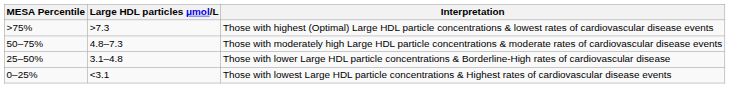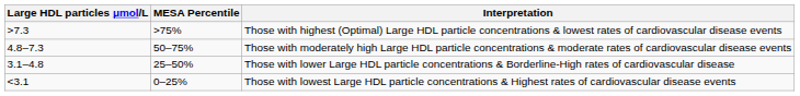 <table class="wikitable">
 <tr>
+<th>Large HDL particles <a href='#'>μmol</a>/L</th>
 <th>MESA Percentile</th>
-<th>Large HDL particles <a href='#'>μmol</a>/L</th>
 <th>Interpretation</th>
 </tr>
 <tr>
+<td>>7.3</td>
 <td>>75%</td>
-<td>>7.3</td>
 <td>Those with highest (Optimal) Large HDL particle concentrations & lowest rates of cardiovascular disease events</td>
 </tr>
 <tr>
+<td>4.8–7.3</td>
 <td>50–75%</td>
-<td>4.8–7.3</td>
 <td>Those with moderately high Large HDL particle concentrations & moderate rates of cardiovascular disease events</td>
 </tr>
 <tr>
+<td>3.1–4.8</td>
 <td>25–50%</td>
-<td>3.1–4.8</td>
 <td>Those with lower Large HDL particle concentrations & Borderline-High rates of cardiovascular disease</td>
 </tr>
 <tr>
+<td><3.1</td>
 <td>0–25%</td>
-<td><3.1</td>
 <td>Those with lowest Large HDL particle concentrations & Highest rates of cardiovascular disease events</td>
 </tr>
 </table>
